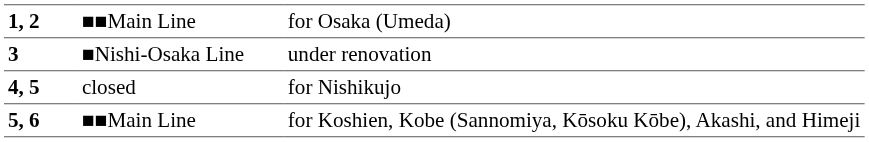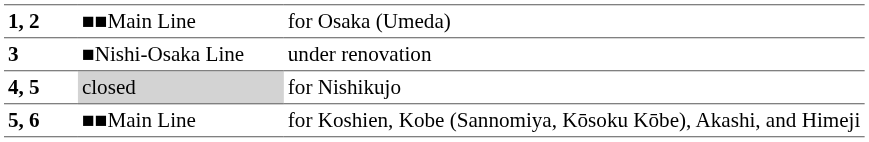 <table border="1" cellspacing="0" cellpadding="3" frame="hsides" rules="rows" style="margin-top:.4em; text-align:left">
 <tr>
 <th style="width:50px">1, 2</th>
 <td style="width:150px"><span>■</span><span>■</span>Main Line</td>
 <td>for Osaka (Umeda)</td>
 </tr>
 <tr>
 <th>3</th>
 <td><span>■</span>Nishi-Osaka Line</td>
 <td>under renovation</td>
 </tr>
 <tr>
 <th>4, 5</th>
-<td>closed</td>
+<td style="background: lightgrey;">closed</td>
 <td>for Nishikujo</td>
 </tr>
 <tr>
 <th>5, 6</th>
 <td><span>■</span><span>■</span>Main Line</td>
 <td>for Koshien, Kobe (Sannomiya, Kōsoku Kōbe), Akashi, and Himeji</td>
 </tr>
 </table>
